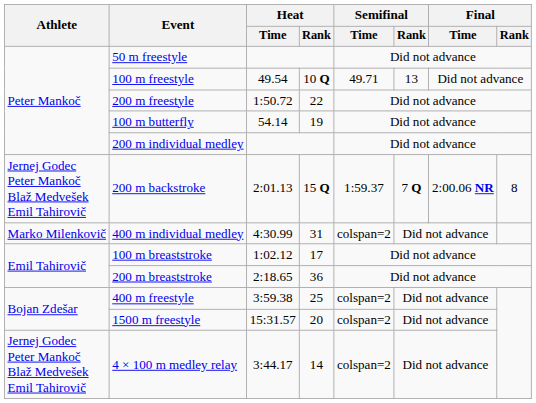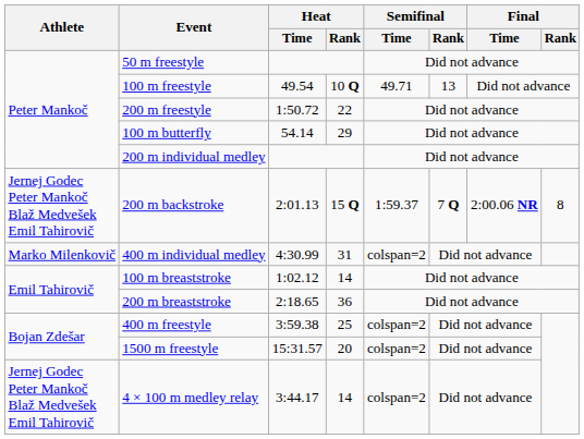 <table class=wikitable style="font-size:90%">
 <tr>
 <th rowspan="2">Athlete</th>
 <th rowspan="2">Event</th>
 <th colspan="2">Heat</th>
 <th colspan="2">Semifinal</th>
 <th colspan="2">Final</th>
 </tr>
 <tr style="font-size:95%">
 <th>Time</th>
 <th>Rank</th>
 <th>Time</th>
 <th>Rank</th>
 <th>Time</th>
 <th>Rank</th>
 </tr>
 <tr align=center>
 <td align=left rowspan=5><a href='#'>Peter Mankoč</a></td>
 <td align=left><a href='#'>50 m freestyle</a></td>
 <td colspan=2></td>
 <td colspan=4>Did not advance</td>
 </tr>
 <tr align=center>
 <td align=left><a href='#'>100 m freestyle</a></td>
 <td>49.54</td>
 <td>10 <strong>Q</strong></td>
 <td>49.71</td>
 <td>13</td>
 <td colspan=2>Did not advance</td>
 </tr>
 <tr align=center>
 <td align=left><a href='#'>200 m freestyle</a></td>
 <td>1:50.72</td>
 <td>22</td>
 <td colspan=4>Did not advance</td>
 </tr>
 <tr align=center>
 <td align=left><a href='#'>100 m butterfly</a></td>
 <td>54.14</td>
-<td>19</td>
+<td>29</td>
 <td colspan=4>Did not advance</td>
 </tr>
 <tr align=center>
 <td align=left><a href='#'>200 m individual medley</a></td>
 <td colspan=2></td>
 <td colspan=4>Did not advance</td>
 </tr>
 <tr align=center>
 <td align=left><a href='#'>Jernej Godec</a><br><a href='#'>Peter Mankoč</a><br><a href='#'>Blaž Medvešek</a><br><a href='#'>Emil Tahirovič</a></td>
 <td align=left><a href='#'>200 m backstroke</a></td>
 <td>2:01.13</td>
 <td>15 <strong>Q</strong></td>
 <td>1:59.37</td>
 <td>7 <strong>Q</strong></td>
 <td>2:00.06 <strong><a href='#'>NR</a></strong></td>
 <td>8</td>
 </tr>
 <tr align=center>
 <td align=left><a href='#'>Marko Milenkovič</a></td>
 <td align=left><a href='#'>400 m individual medley</a></td>
 <td>4:30.99</td>
 <td>31</td>
 <td>colspan=2 </td>
 <td colspan=2>Did not advance</td>
 </tr>
 <tr align=center>
 <td align=left rowspan=2><a href='#'>Emil Tahirovič</a></td>
 <td align=left><a href='#'>100 m breaststroke</a></td>
 <td>1:02.12</td>
-<td>17</td>
+<td>14</td>
 <td colspan=4>Did not advance</td>
 </tr>
 <tr align=center>
 <td align=left><a href='#'>200 m breaststroke</a></td>
 <td>2:18.65</td>
 <td>36</td>
 <td colspan=4>Did not advance</td>
 </tr>
 <tr align=center>
 <td align=left rowspan=2><a href='#'>Bojan Zdešar</a></td>
 <td align=left><a href='#'>400 m freestyle</a></td>
 <td>3:59.38</td>
 <td>25</td>
 <td>colspan=2 </td>
 <td colspan=2>Did not advance</td>
 </tr>
 <tr align=center>
 <td align=left><a href='#'>1500 m freestyle</a></td>
 <td>15:31.57</td>
 <td>20</td>
 <td>colspan=2 </td>
 <td colspan=2>Did not advance</td>
 </tr>
 <tr align=center>
 <td align=left><a href='#'>Jernej Godec</a><br><a href='#'>Peter Mankoč</a><br><a href='#'>Blaž Medvešek</a><br><a href='#'>Emil Tahirovič</a></td>
 <td align=left><a href='#'>4 × 100 m medley relay</a></td>
 <td>3:44.17</td>
 <td>14</td>
 <td>colspan=2 </td>
 <td colspan=2>Did not advance</td>
 </tr>
 </table>
